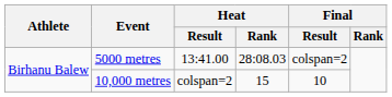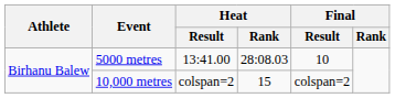 <table class="wikitable" style="font-size:90%">
 <tr>
 <th rowspan="2">Athlete</th>
 <th rowspan="2">Event</th>
 <th colspan="2">Heat</th>
 <th colspan="2">Final</th>
 </tr>
 <tr style="font-size:95%">
 <th>Result</th>
 <th>Rank</th>
 <th>Result</th>
 <th>Rank</th>
 </tr>
 <tr align=center>
 <td align=left rowspan=2><a href='#'>Birhanu Balew</a></td>
 <td align=left><a href='#'>5000 metres</a></td>
 <td>13:41.00</td>
 <td>28:08.03 </td>
-<td>colspan=2</td>
+<td>10</td>
 </tr>
 <tr align=center>
 <td align=left><a href='#'>10,000 metres</a></td>
 <td>colspan=2</td>
 <td>15</td>
-<td>10</td>
+<td>colspan=2</td>
 </tr>
 </table>
